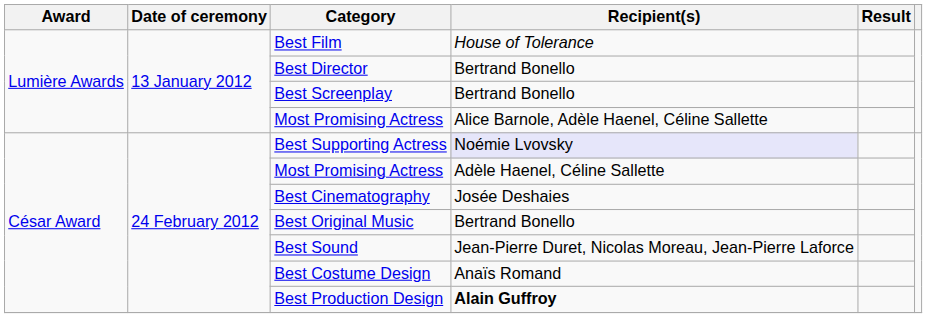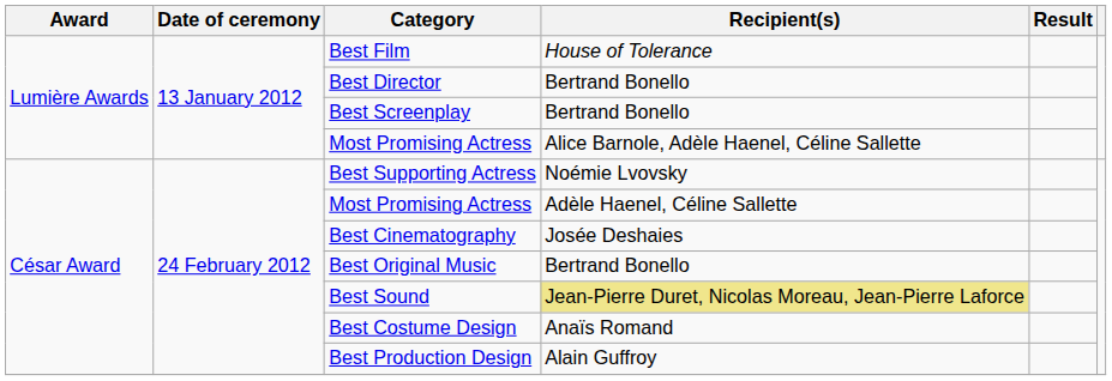 <table class="wikitable sortable plainrowheaders">
 <tr>
 <th scope="col">Award</th>
 <th scope="col">Date of ceremony</th>
 <th scope="col">Category</th>
 <th scope="col">Recipient(s)</th>
 <th scope="col">Result</th>
 <th scope="col" class="unsortable"></th>
 </tr>
 <tr>
 <td rowspan="4"><a href='#'>Lumière Awards</a></td>
 <td rowspan="4"><a href='#'>13 January 2012</a></td>
 <td><a href='#'>Best Film</a></td>
 <td><em>House of Tolerance</em></td>
 <td></td>
 <td rowspan="4"></td>
 </tr>
 <tr>
 <td><a href='#'>Best Director</a></td>
 <td>Bertrand Bonello</td>
 <td></td>
 </tr>
 <tr>
 <td><a href='#'>Best Screenplay</a></td>
 <td>Bertrand Bonello</td>
 <td></td>
 </tr>
 <tr>
 <td><a href='#'>Most Promising Actress</a></td>
 <td>Alice Barnole, Adèle Haenel, Céline Sallette</td>
 <td></td>
 </tr>
 <tr>
 <td rowspan="7"><a href='#'>César Award</a></td>
 <td rowspan="7"><a href='#'>24 February 2012</a></td>
 <td><a href='#'>Best Supporting Actress</a></td>
-<td style="background: lavender;">Noémie Lvovsky</td>
+<td>Noémie Lvovsky</td>
 <td></td>
 <td rowspan="7"></td>
 </tr>
 <tr>
 <td><a href='#'>Most Promising Actress</a></td>
 <td>Adèle Haenel, Céline Sallette</td>
 <td></td>
 </tr>
 <tr>
 <td><a href='#'>Best Cinematography</a></td>
 <td>Josée Deshaies</td>
 <td></td>
 </tr>
 <tr>
 <td><a href='#'>Best Original Music</a></td>
 <td>Bertrand Bonello</td>
 <td></td>
 </tr>
 <tr>
 <td><a href='#'>Best Sound</a></td>
-<td>Jean-Pierre Duret, Nicolas Moreau, Jean-Pierre Laforce</td>
+<td style="background: khaki;">Jean-Pierre Duret, Nicolas Moreau, Jean-Pierre Laforce</td>
 <td></td>
 </tr>
 <tr>
 <td><a href='#'>Best Costume Design</a></td>
 <td>Anaïs Romand</td>
 <td></td>
 </tr>
 <tr>
 <td><a href='#'>Best Production Design</a></td>
-<td><strong>Alain Guffroy</strong></td>
+<td>Alain Guffroy</td>
 <td></td>
 </tr>
 <tr>
 </tr>
 </table>
